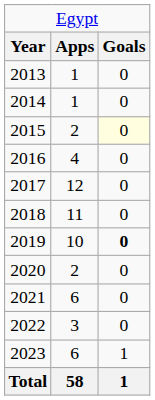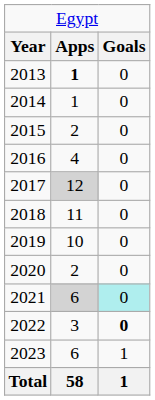 <table class="wikitable" style="text-align:center">
 <tr>
 <td colspan=3><a href='#'>Egypt</a></td>
 </tr>
 <tr>
 <th>Year</th>
 <th>Apps</th>
 <th>Goals</th>
 </tr>
 <tr>
 <td>2013</td>
-<td>1</td>
+<td><strong>1</strong></td>
 <td>0</td>
 </tr>
 <tr>
 <td>2014</td>
 <td>1</td>
 <td>0</td>
 </tr>
 <tr>
 <td>2015</td>
 <td>2</td>
-<td style="background: lightyellow;">0</td>
+<td>0</td>
 </tr>
 <tr>
 <td>2016</td>
 <td>4</td>
 <td>0</td>
 </tr>
 <tr>
 <td>2017</td>
-<td>12</td>
+<td style="background: lightgrey;">12</td>
 <td>0</td>
 </tr>
 <tr>
 <td>2018</td>
 <td>11</td>
 <td>0</td>
 </tr>
 <tr>
 <td>2019</td>
 <td>10</td>
-<td><strong>0</strong></td>
+<td>0</td>
 </tr>
 <tr>
 <td>2020</td>
 <td>2</td>
 <td>0</td>
 </tr>
 <tr>
 <td>2021</td>
-<td>6</td>
-<td>0</td>
+<td style="background: lightgrey;">6</td>
+<td style="background: paleturquoise;">0</td>
 </tr>
 <tr>
 <td>2022</td>
 <td>3</td>
-<td>0</td>
+<td><strong>0</strong></td>
 </tr>
 <tr>
 <td>2023</td>
 <td>6</td>
 <td>1</td>
 </tr>
 <tr>
 <th>Total</th>
 <th>58</th>
 <th>1</th>
 </tr>
 </table>
